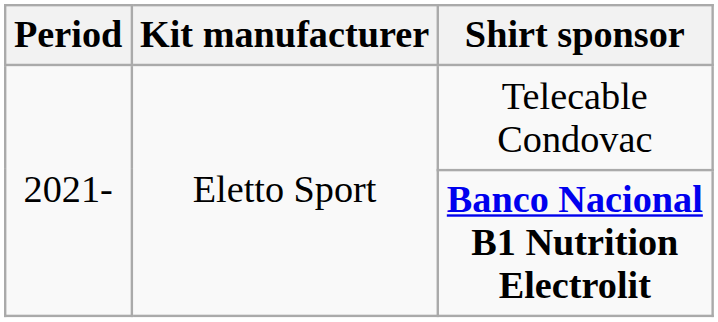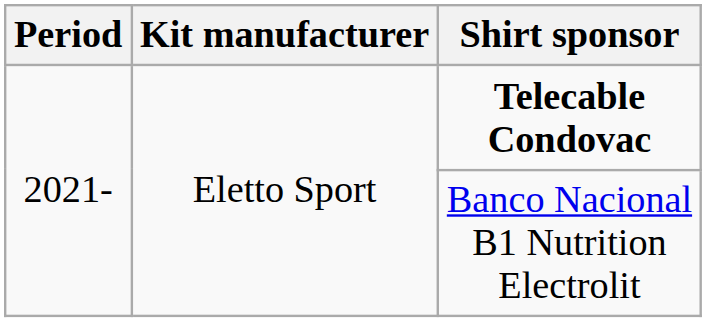 <table class="wikitable" style="text-align: center">
 <tr>
 <th>Period</th>
 <th>Kit manufacturer</th>
 <th>Shirt sponsor</th>
 </tr>
 <tr>
 <td rowspan="2">2021-</td>
 <td rowspan="2"> Eletto Sport</td>
-<td> Telecable <br>  Condovac</td>
+<td><strong> Telecable <br>  Condovac</strong></td>
 </tr>
 <tr>
-<td><strong> <a href='#'>Banco Nacional</a> <br>  B1 Nutrition <br>  Electrolit</strong></td>
+<td> <a href='#'>Banco Nacional</a> <br>  B1 Nutrition <br>  Electrolit</td>
 </tr>
 </table>
